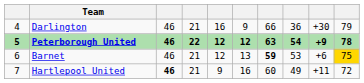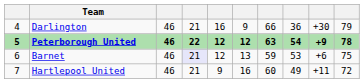 <table class="wikitable" style="text-align:center">
 <tr>
 <th width="30"></th>
 <th width="175">Team</th>
 <th width="30"></th>
 <th width="30"></th>
 <th width="30"></th>
 <th width="30"></th>
 <th width="30"></th>
 <th width="30"></th>
 <th width="30"></th>
 <th width="30"></th>
 </tr>
 <tr>
 <td>4</td>
 <td align=left><a href='#'>Darlington</a></td>
 <td>46</td>
 <td>21</td>
 <td>16</td>
 <td>9</td>
 <td>66</td>
 <td>36</td>
 <td>+30</td>
 <td>79</td>
 </tr>
 <tr bgcolor=#ADDFAD>
 <td><strong>5</strong></td>
 <td align=left><strong><a href='#'>Peterborough United</a></strong></td>
 <td><strong>46</strong></td>
 <td><strong>22</strong></td>
 <td><strong>12</strong></td>
 <td><strong>12</strong></td>
 <td><strong>63</strong></td>
 <td><strong>54</strong></td>
 <td><strong>+9</strong></td>
 <td><strong>78</strong></td>
 </tr>
 <tr>
 <td>6</td>
 <td align=left><a href='#'>Barnet</a></td>
 <td>46</td>
-<td>21</td>
+<td style="background: lavender;">21</td>
 <td>12</td>
 <td>13</td>
-<td><strong>59</strong></td>
+<td>59</td>
 <td>53</td>
 <td>+6</td>
-<td style="background: gold;">75</td>
+<td>75</td>
 </tr>
 <tr>
 <td>7</td>
 <td align=left><a href='#'>Hartlepool United</a></td>
-<td><strong>46</strong></td>
+<td>46</td>
 <td>21</td>
 <td>9</td>
 <td>16</td>
 <td>60</td>
 <td>49</td>
 <td>+11</td>
 <td>72</td>
 </tr>
 </table>
